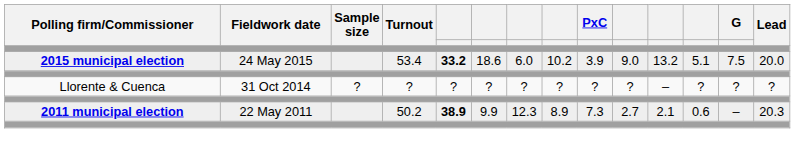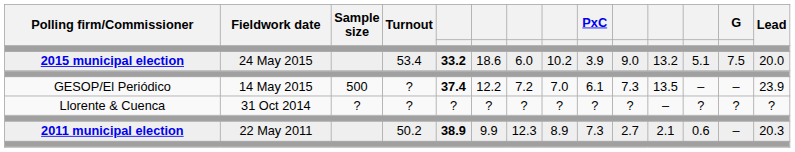 <table class="wikitable collapsible collapsed" style="text-align:center; font-size:95%; line-height:16px;">
 <tr style="height:42px;">
 <th style="width:250px;" rowspan="2">Polling firm/Commissioner</th>
 <th style="width:125px;" rowspan="2">Fieldwork date</th>
 <th style="width:50px;" rowspan="2">Sample size</th>
 <th style="width:45px;" rowspan="2">Turnout</th>
 <th style="width:35px;"></th>
 <th style="width:35px;"></th>
 <th style="width:35px;"></th>
 <th style="width:35px;"></th>
 <th style="width:35px;"><a href='#'>PxC</a></th>
 <th style="width:35px;"></th>
 <th style="width:35px;"></th>
 <th style="width:35px;"></th>
 <th style="width:35px;">G</th>
 <th style="width:30px;" rowspan="2">Lead</th>
 </tr>
 <tr>
 <th style="color:inherit;background:"></th>
 <th style="color:inherit;background:"></th>
 <th style="color:inherit;background:"></th>
 <th style="color:inherit;background:"></th>
 <th style="color:inherit;background:"></th>
 <th style="color:inherit;background:"></th>
 <th style="color:inherit;background:"></th>
 <th style="color:inherit;background:"></th>
 <th style="color:inherit;background:"></th>
 </tr>
 <tr>
 <td colspan="14" style="background:#A0A0A0"></td>
 </tr>
 <tr style="background:#EFEFEF;">
 <td><strong><a href='#'>2015 municipal election</a></strong></td>
 <td>24 May 2015</td>
 <td></td>
 <td>53.4</td>
 <td><strong>33.2</strong><br></td>
 <td>18.6<br></td>
 <td>6.0<br></td>
 <td>10.2<br></td>
 <td>3.9<br></td>
 <td>9.0<br></td>
 <td>13.2<br></td>
 <td>5.1<br></td>
 <td>7.5<br></td>
 <td style="background:">20.0</td>
 </tr>
 <tr>
 <td colspan="14" style="background:#A0A0A0"></td>
 </tr>
 <tr>
+<td>GESOP/El Periódico</td>
+<td>14 May 2015</td>
+<td>500</td>
+<td>?</td>
+<td><strong>37.4</strong><br></td>
+<td>12.2<br></td>
+<td>7.2<br></td>
+<td>7.0<br></td>
+<td>6.1<br></td>
+<td>7.3<br></td>
+<td>13.5<br></td>
+<td>–</td>
+<td>–</td>
+<td style="background:">23.9</td>
+</tr>
+<tr>
 <td>Llorente & Cuenca</td>
 <td>31 Oct 2014</td>
 <td>?</td>
 <td>?</td>
 <td>?<br></td>
 <td>?<br></td>
 <td>?<br></td>
 <td>?<br></td>
 <td>?<br></td>
 <td>?<br></td>
 <td>–</td>
 <td>?<br></td>
 <td>?<br></td>
 <td style="background:">?</td>
 </tr>
 <tr>
 <td colspan="14" style="background:#A0A0A0"></td>
 </tr>
 <tr style="background:#EFEFEF;">
 <td><strong><a href='#'>2011 municipal election</a></strong></td>
 <td>22 May 2011</td>
 <td></td>
 <td>50.2</td>
 <td><strong>38.9</strong><br></td>
 <td>9.9<br></td>
 <td>12.3<br></td>
 <td>8.9<br></td>
 <td>7.3<br></td>
 <td>2.7<br></td>
 <td>2.1<br></td>
 <td>0.6<br></td>
 <td>–</td>
 <td style="background:">20.3</td>
 </tr>
 <tr>
 <td colspan="14" style="background:#A0A0A0"></td>
 </tr>
 </table>
